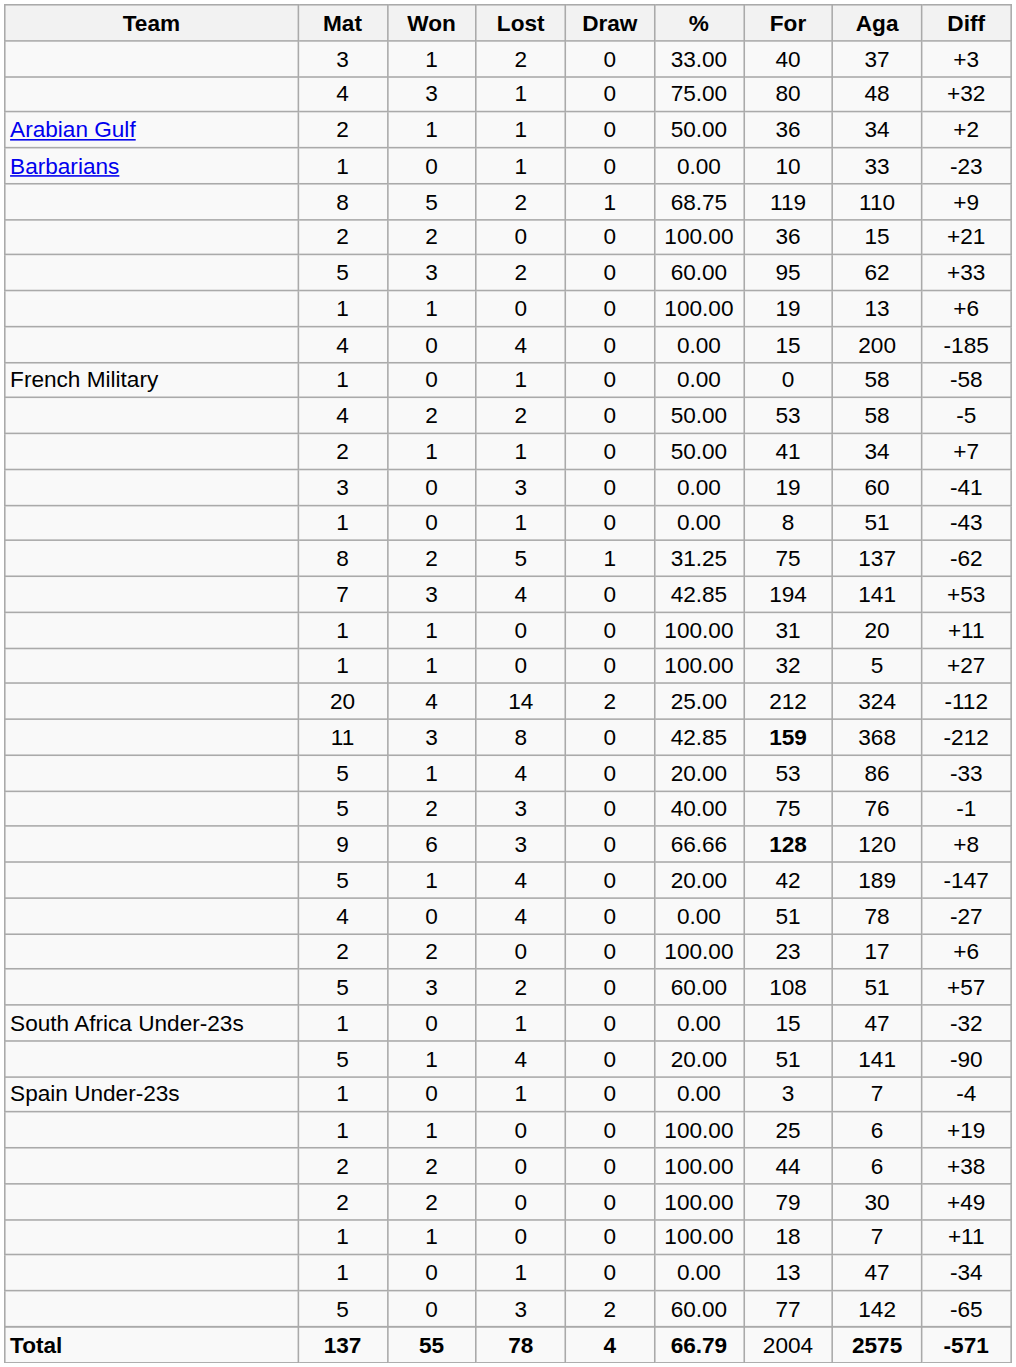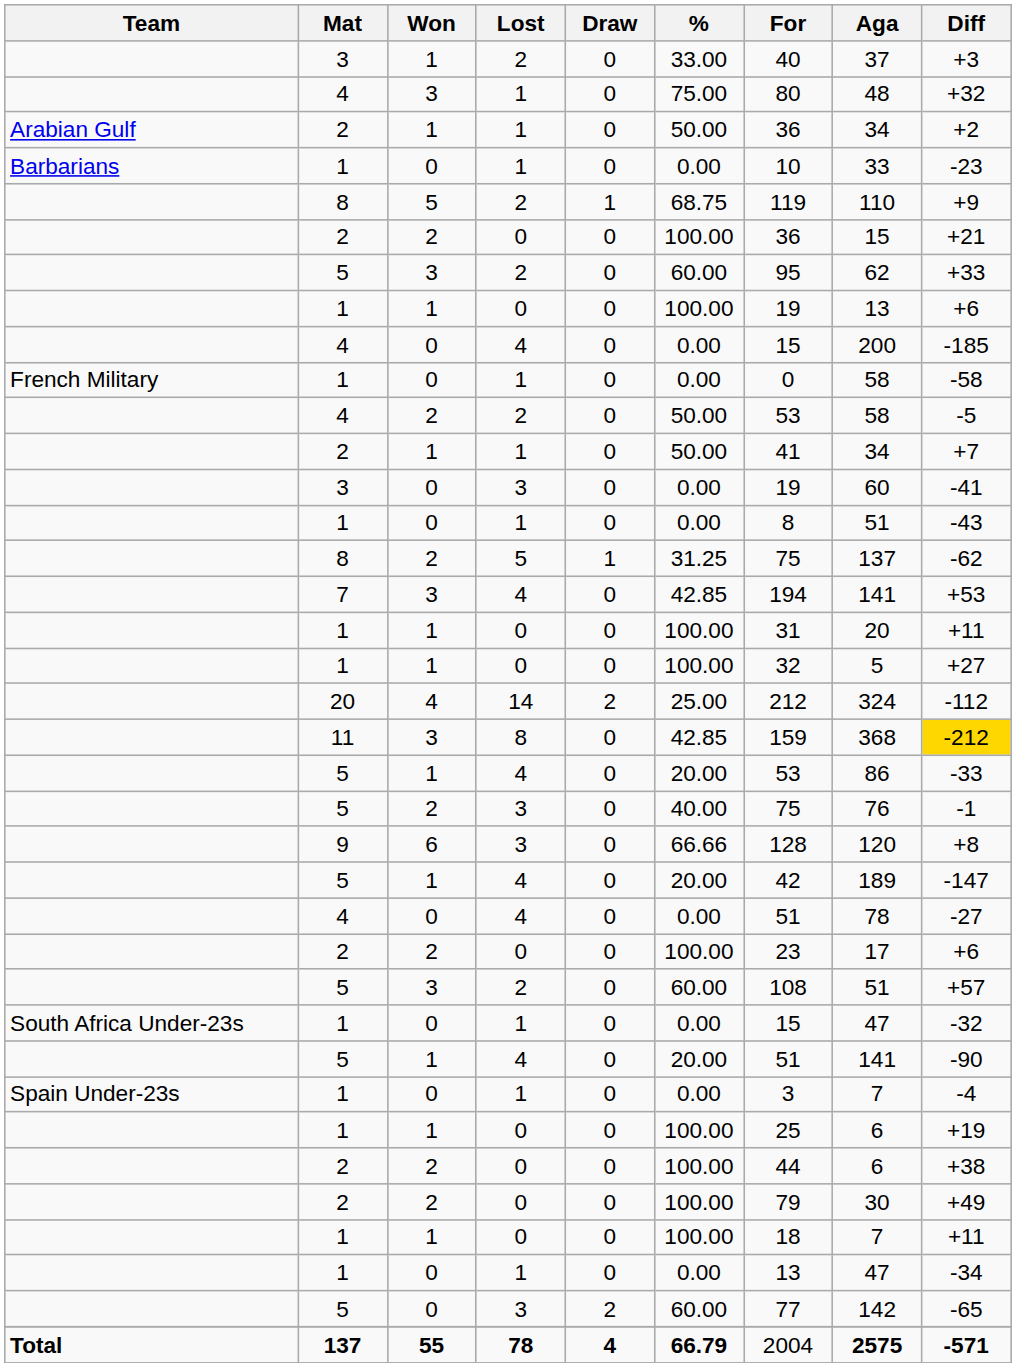 <table class="wikitable sortable" style="font-size:90%">
 <tr>
 <th style="width:180px;">Team</th>
 <th style="width:50px;">Mat</th>
 <th style="width:50px;">Won</th>
 <th style="width:50px;">Lost</th>
 <th style="width:50px;">Draw</th>
 <th style="width:50px;">%</th>
 <th style="width:50px;">For</th>
 <th style="width:50px;">Aga</th>
 <th style="width:50px;">Diff</th>
 </tr>
 <tr align="center">
 <td align="left"></td>
 <td>3</td>
 <td>1</td>
 <td>2</td>
 <td>0</td>
 <td>33.00</td>
 <td>40</td>
 <td>37</td>
 <td>+3</td>
 </tr>
 <tr align="center">
 <td align="left"></td>
 <td>4</td>
 <td>3</td>
 <td>1</td>
 <td>0</td>
 <td>75.00</td>
 <td>80</td>
 <td>48</td>
 <td>+32</td>
 </tr>
 <tr align="center">
 <td align="left"><a href='#'>Arabian Gulf</a></td>
 <td>2</td>
 <td>1</td>
 <td>1</td>
 <td>0</td>
 <td>50.00</td>
 <td>36</td>
 <td>34</td>
 <td>+2</td>
 </tr>
 <tr align="center">
 <td align="left"><a href='#'>Barbarians</a></td>
 <td>1</td>
 <td>0</td>
 <td>1</td>
 <td>0</td>
 <td>0.00</td>
 <td>10</td>
 <td>33</td>
 <td>-23</td>
 </tr>
 <tr align="center">
 <td align="left"></td>
 <td>8</td>
 <td>5</td>
 <td>2</td>
 <td>1</td>
 <td>68.75</td>
 <td>119</td>
 <td>110</td>
 <td>+9</td>
 </tr>
 <tr align="center">
 <td align="left"></td>
 <td>2</td>
 <td>2</td>
 <td>0</td>
 <td>0</td>
 <td>100.00</td>
 <td>36</td>
 <td>15</td>
 <td>+21</td>
 </tr>
 <tr align="center">
 <td align="left"></td>
 <td>5</td>
 <td>3</td>
 <td>2</td>
 <td>0</td>
 <td>60.00</td>
 <td>95</td>
 <td>62</td>
 <td>+33</td>
 </tr>
 <tr align="center">
 <td align="left"></td>
 <td>1</td>
 <td>1</td>
 <td>0</td>
 <td>0</td>
 <td>100.00</td>
 <td>19</td>
 <td>13</td>
 <td>+6</td>
 </tr>
 <tr align="center">
 <td align="left"></td>
 <td>4</td>
 <td>0</td>
 <td>4</td>
 <td>0</td>
 <td>0.00</td>
 <td>15</td>
 <td>200</td>
 <td>-185</td>
 </tr>
 <tr align="center">
 <td align="left"> French Military</td>
 <td>1</td>
 <td>0</td>
 <td>1</td>
 <td>0</td>
 <td>0.00</td>
 <td>0</td>
 <td>58</td>
 <td>-58</td>
 </tr>
 <tr align="center">
 <td align="left"></td>
 <td>4</td>
 <td>2</td>
 <td>2</td>
 <td>0</td>
 <td>50.00</td>
 <td>53</td>
 <td>58</td>
 <td>-5</td>
 </tr>
 <tr align="center">
 <td align="left"></td>
 <td>2</td>
 <td>1</td>
 <td>1</td>
 <td>0</td>
 <td>50.00</td>
 <td>41</td>
 <td>34</td>
 <td>+7</td>
 </tr>
 <tr align="center">
 <td align="left"></td>
 <td>3</td>
 <td>0</td>
 <td>3</td>
 <td>0</td>
 <td>0.00</td>
 <td>19</td>
 <td>60</td>
 <td>-41</td>
 </tr>
 <tr align="center">
 <td align="left"></td>
 <td>1</td>
 <td>0</td>
 <td>1</td>
 <td>0</td>
 <td>0.00</td>
 <td>8</td>
 <td>51</td>
 <td>-43</td>
 </tr>
 <tr align="center">
 <td align="left"></td>
 <td>8</td>
 <td>2</td>
 <td>5</td>
 <td>1</td>
 <td>31.25</td>
 <td>75</td>
 <td>137</td>
 <td>-62</td>
 </tr>
 <tr align="center">
 <td align="left"></td>
 <td>7</td>
 <td>3</td>
 <td>4</td>
 <td>0</td>
 <td>42.85</td>
 <td>194</td>
 <td>141</td>
 <td>+53</td>
 </tr>
 <tr align="center">
 <td align="left"></td>
 <td>1</td>
 <td>1</td>
 <td>0</td>
 <td>0</td>
 <td>100.00</td>
 <td>31</td>
 <td>20</td>
 <td>+11</td>
 </tr>
 <tr align="center">
 <td align="left"></td>
 <td>1</td>
 <td>1</td>
 <td>0</td>
 <td>0</td>
 <td>100.00</td>
 <td>32</td>
 <td>5</td>
 <td>+27</td>
 </tr>
 <tr align="center">
 <td align="left"></td>
 <td>20</td>
 <td>4</td>
 <td>14</td>
 <td>2</td>
 <td>25.00</td>
 <td>212</td>
 <td>324</td>
 <td>-112</td>
 </tr>
 <tr align="center">
 <td align="left"></td>
 <td>11</td>
 <td>3</td>
 <td>8</td>
 <td>0</td>
 <td>42.85</td>
-<td><strong>159</strong></td>
+<td>159</td>
 <td>368</td>
-<td>-212</td>
+<td style="background: gold;">-212</td>
 </tr>
 <tr align="center">
 <td align="left"></td>
 <td>5</td>
 <td>1</td>
 <td>4</td>
 <td>0</td>
 <td>20.00</td>
 <td>53</td>
 <td>86</td>
 <td>-33</td>
 </tr>
 <tr align="center">
 <td align="left"></td>
 <td>5</td>
 <td>2</td>
 <td>3</td>
 <td>0</td>
 <td>40.00</td>
 <td>75</td>
 <td>76</td>
 <td>-1</td>
 </tr>
 <tr align="center">
 <td align="left"></td>
 <td>9</td>
 <td>6</td>
 <td>3</td>
 <td>0</td>
 <td>66.66</td>
-<td><strong>128</strong></td>
+<td>128</td>
 <td>120</td>
 <td>+8</td>
 </tr>
 <tr align="center">
 <td align="left"></td>
 <td>5</td>
 <td>1</td>
 <td>4</td>
 <td>0</td>
 <td>20.00</td>
 <td>42</td>
 <td>189</td>
 <td>-147</td>
 </tr>
 <tr align="center">
 <td align="left"></td>
 <td>4</td>
 <td>0</td>
 <td>4</td>
 <td>0</td>
 <td>0.00</td>
 <td>51</td>
 <td>78</td>
 <td>-27</td>
 </tr>
 <tr align="center">
 <td align="left"></td>
 <td>2</td>
 <td>2</td>
 <td>0</td>
 <td>0</td>
 <td>100.00</td>
 <td>23</td>
 <td>17</td>
 <td>+6</td>
 </tr>
 <tr align="center">
 <td align="left"></td>
 <td>5</td>
 <td>3</td>
 <td>2</td>
 <td>0</td>
 <td>60.00</td>
 <td>108</td>
 <td>51</td>
 <td>+57</td>
 </tr>
 <tr align="center">
 <td align="left"> South Africa Under-23s</td>
 <td>1</td>
 <td>0</td>
 <td>1</td>
 <td>0</td>
 <td>0.00</td>
 <td>15</td>
 <td>47</td>
 <td>-32</td>
 </tr>
 <tr align="center">
 <td align="left"></td>
 <td>5</td>
 <td>1</td>
 <td>4</td>
 <td>0</td>
 <td>20.00</td>
 <td>51</td>
 <td>141</td>
 <td>-90</td>
 </tr>
 <tr align="center">
 <td align="left"> Spain Under-23s</td>
 <td>1</td>
 <td>0</td>
 <td>1</td>
 <td>0</td>
 <td>0.00</td>
 <td>3</td>
 <td>7</td>
 <td>-4</td>
 </tr>
 <tr align="center">
 <td align="left"></td>
 <td>1</td>
 <td>1</td>
 <td>0</td>
 <td>0</td>
 <td>100.00</td>
 <td>25</td>
 <td>6</td>
 <td>+19</td>
 </tr>
 <tr align="center">
 <td align="left"></td>
 <td>2</td>
 <td>2</td>
 <td>0</td>
 <td>0</td>
 <td>100.00</td>
 <td>44</td>
 <td>6</td>
 <td>+38</td>
 </tr>
 <tr align="center">
 <td align="left"></td>
 <td>2</td>
 <td>2</td>
 <td>0</td>
 <td>0</td>
 <td>100.00</td>
 <td>79</td>
 <td>30</td>
 <td>+49</td>
 </tr>
 <tr align="center">
 <td align="left"></td>
 <td>1</td>
 <td>1</td>
 <td>0</td>
 <td>0</td>
 <td>100.00</td>
 <td>18</td>
 <td>7</td>
 <td>+11</td>
 </tr>
 <tr align="center">
 <td align="left"></td>
 <td>1</td>
 <td>0</td>
 <td>1</td>
 <td>0</td>
 <td>0.00</td>
 <td>13</td>
 <td>47</td>
 <td>-34</td>
 </tr>
 <tr align="center">
 <td align="left"></td>
 <td>5</td>
 <td>0</td>
 <td>3</td>
 <td>2</td>
 <td>60.00</td>
 <td>77</td>
 <td>142</td>
 <td>-65</td>
 </tr>
 <tr align="center">
 </tr>
 <tr align="center" class="sortbottom">
 <td align="left"><strong>Total</strong></td>
 <td><strong>137</strong></td>
 <td><strong>55</strong></td>
 <td><strong>78</strong></td>
 <td><strong>4</strong></td>
 <td><strong>66.79</strong></td>
 <td>2004</td>
 <td><strong>2575</strong></td>
 <td><strong>-571</strong></td>
 </tr>
 </table>
